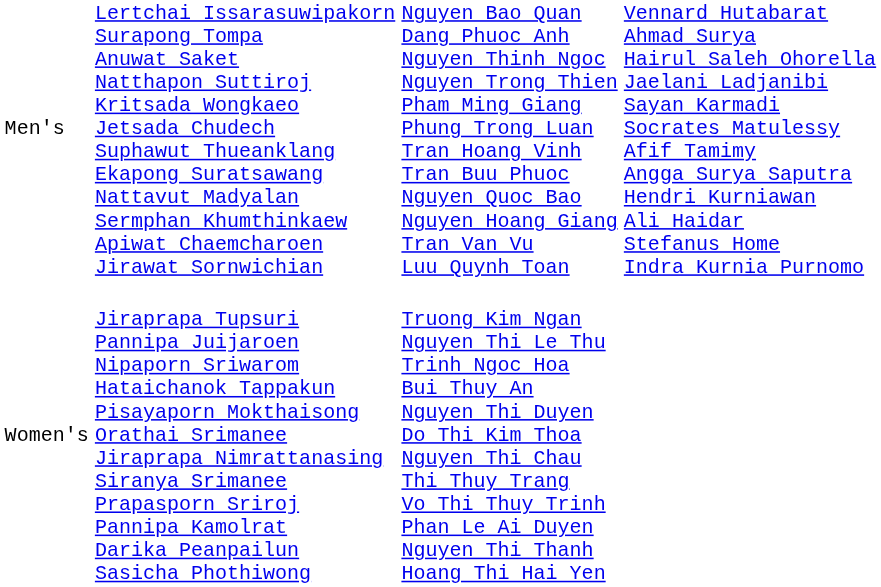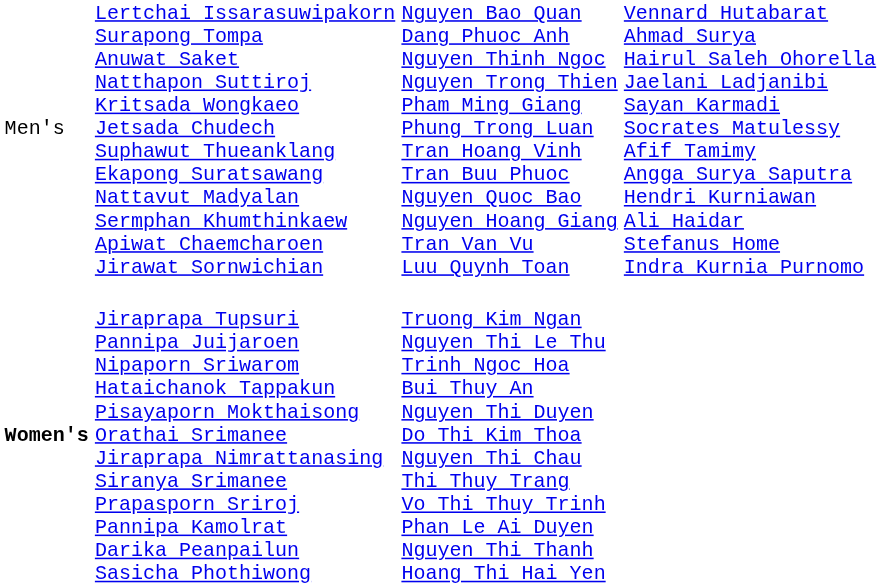 <table>
 <tr>
 <td>Men's</td>
 <td><br><a href='#'>Lertchai Issarasuwipakorn</a><br><a href='#'>Surapong Tompa</a><br><a href='#'>Anuwat Saket</a><br><a href='#'>Natthapon Suttiroj</a><br><a href='#'>Kritsada Wongkaeo</a><br><a href='#'>Jetsada Chudech</a><br><a href='#'>Suphawut Thueanklang</a><br><a href='#'>Ekapong Suratsawang</a><br><a href='#'>Nattavut Madyalan</a><br><a href='#'>Sermphan Khumthinkaew</a><br><a href='#'>Apiwat Chaemcharoen</a><br><a href='#'>Jirawat Sornwichian</a></td>
 <td><br><a href='#'>Nguyen Bao Quan</a><br><a href='#'>Dang Phuoc Anh</a><br><a href='#'>Nguyen Thinh Ngoc</a><br><a href='#'>Nguyen Trong Thien </a><br><a href='#'>Pham Ming Giang</a><br><a href='#'>Phung Trong Luan</a><br><a href='#'>Tran Hoang Vinh</a><br><a href='#'>Tran Buu Phuoc</a><br><a href='#'>Nguyen Quoc Bao</a><br><a href='#'>Nguyen Hoang Giang</a><br><a href='#'>Tran Van Vu</a><br><a href='#'>Luu Quynh Toan</a></td>
 <td><br><a href='#'>Vennard Hutabarat</a><br><a href='#'>Ahmad Surya</a><br><a href='#'>Hairul Saleh Ohorella</a><br><a href='#'>Jaelani Ladjanibi</a><br><a href='#'>Sayan Karmadi</a><br><a href='#'>Socrates Matulessy</a><br><a href='#'>Afif Tamimy</a><br><a href='#'>Angga Surya Saputra</a><br><a href='#'>Hendri Kurniawan</a><br><a href='#'>Ali Haidar</a><br><a href='#'>Stefanus Home</a><br><a href='#'>Indra Kurnia Purnomo</a></td>
 </tr>
 <tr>
-<td>Women's</td>
+<td><strong>Women's</strong></td>
 <td><br><a href='#'>Jiraprapa Tupsuri</a><br><a href='#'>Pannipa Juijaroen</a><br><a href='#'>Nipaporn Sriwarom</a><br><a href='#'>Hataichanok Tappakun</a><br><a href='#'>Pisayaporn Mokthaisong</a><br><a href='#'>Orathai Srimanee</a><br><a href='#'>Jiraprapa Nimrattanasing</a><br><a href='#'>Siranya Srimanee</a><br><a href='#'>Prapasporn Sriroj</a><br><a href='#'>Pannipa Kamolrat</a><br><a href='#'>Darika Peanpailun</a><br><a href='#'>Sasicha Phothiwong</a></td>
 <td><br><a href='#'>Truong Kim Ngan</a><br><a href='#'>Nguyen Thi Le Thu</a><br><a href='#'>Trinh Ngoc Hoa</a><br><a href='#'>Bui Thuy An</a><br><a href='#'>Nguyen Thi Duyen</a><br><a href='#'>Do Thi Kim Thoa</a><br><a href='#'>Nguyen Thi Chau</a><br><a href='#'>Thi Thuy Trang</a><br><a href='#'>Vo Thi Thuy Trinh</a><br><a href='#'>Phan Le Ai Duyen</a><br><a href='#'>Nguyen Thi Thanh</a><br><a href='#'>Hoang Thi Hai Yen</a></td>
 <td valign="top"></td>
 </tr>
 </table>
